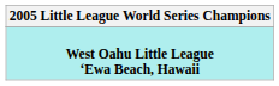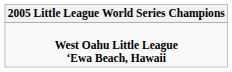 <table class="wikitable" style="text-align: center; margin: 0 auto;">
 <tr>
 <th>2005 Little League World Series Champions</th>
 </tr>
 <tr>
 </tr>
 <tr>
-<td style="background: paleturquoise;"><br><strong>West Oahu Little League</strong><br><strong>ʻEwa Beach, Hawaii</strong></td>
+<td><br><strong>West Oahu Little League</strong><br><strong>ʻEwa Beach, Hawaii</strong></td>
 </tr>
 </table>
